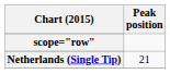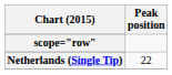 <table class="wikitable plainrowheaders sortable" style="text-align:center;">
 <tr>
 <th scope="col">Chart (2015)</th>
 <th scope="col">Peak<br>position</th>
 </tr>
 <tr>
 </tr>
 <tr>
 </tr>
 <tr>
 <th>scope="row"</th>
 </tr>
 <tr>
 </tr>
 <tr>
 <th scope="row">Netherlands (<a href='#'>Single Tip</a>)</th>
-<td>21</td>
+<td>22</td>
 </tr>
 <tr>
 </tr>
 <tr>
 </tr>
 <tr>
 </tr>
 <tr>
 </tr>
 <tr>
 </tr>
 <tr>
 </tr>
 </table>
